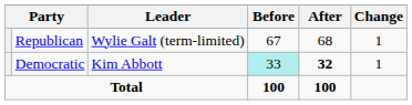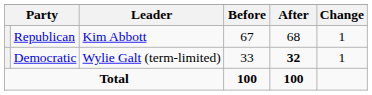 <table class="wikitable" style="text-align:center;">
 <tr>
 </tr>
 <tr>
 <th colspan=2>Party</th>
 <th>Leader</th>
 <th style="width:3em">Before</th>
 <th style="width:3em">After</th>
 <th style="width:3em">Change</th>
 </tr>
 <tr>
 <th style="background-color:"></th>
 <td style="text-align:left;"><a href='#'>Republican</a></td>
-<td style="text-align:left;"><a href='#'>Wylie Galt</a> (term-limited)</td>
+<td style="text-align:left;"><a href='#'>Kim Abbott</a></td>
 <td>67</td>
 <td>68</td>
 <td>1</td>
 </tr>
 <tr>
 <th style="background-color:"></th>
 <td style="text-align:left;"><a href='#'>Democratic</a></td>
-<td style="text-align:left;"><a href='#'>Kim Abbott</a></td>
-<td style="background: paleturquoise;">33</td>
+<td style="text-align:left;"><a href='#'>Wylie Galt</a> (term-limited)</td>
+<td>33</td>
 <td><strong>32</strong></td>
 <td>1</td>
 </tr>
 <tr>
 <td colspan=3><strong>Total</strong></td>
 <td><strong>100</strong></td>
 <td><strong>100</strong></td>
 <td></td>
 </tr>
 </table>
